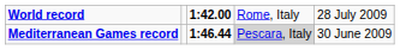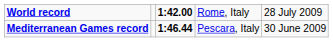 <table class="wikitable">
 <tr>
 <td><strong><a href='#'>World record</a></strong></td>
 <td></td>
 <td><strong>1:42.00</strong></td>
 <td><a href='#'>Rome</a>, Italy</td>
 <td>28 July 2009</td>
 </tr>
 <tr>
 <td><strong><a href='#'>Mediterranean Games record</a></strong></td>
 <td></td>
 <td><strong>1:46.44</strong></td>
-<td style="background: lightgrey;"><a href='#'>Pescara</a>, Italy</td>
+<td><a href='#'>Pescara</a>, Italy</td>
 <td>30 June 2009</td>
 </tr>
 </table>
